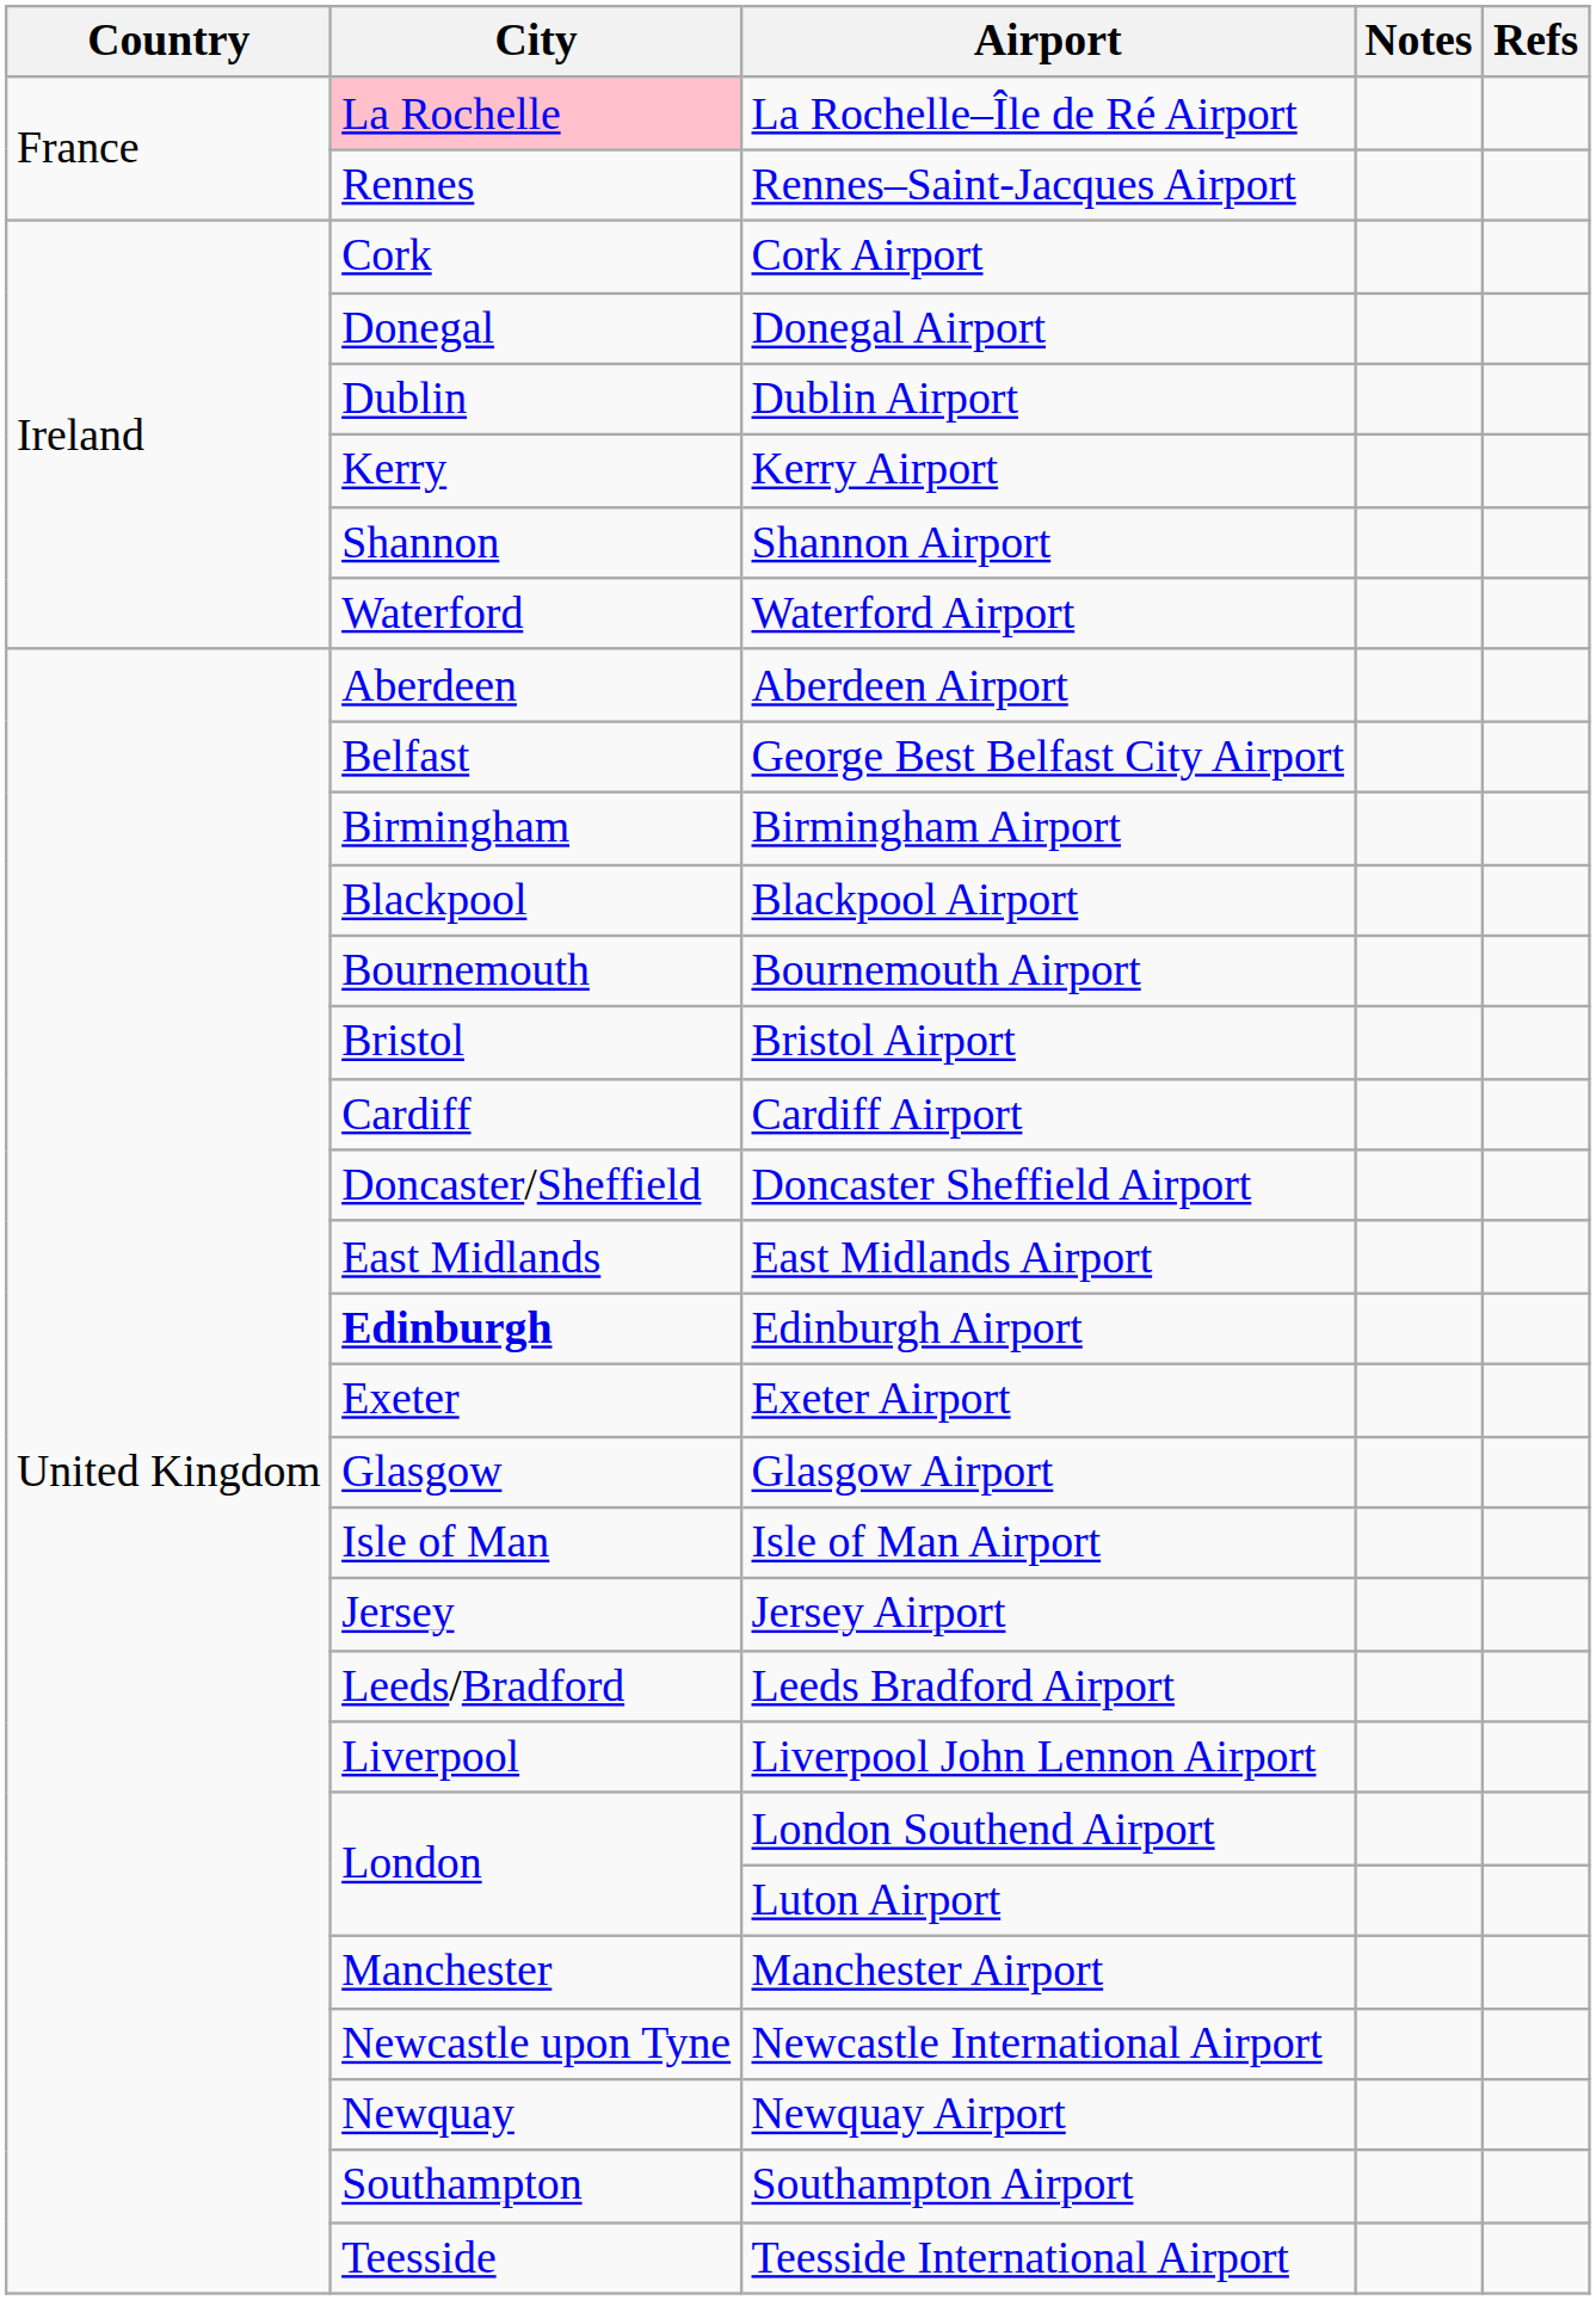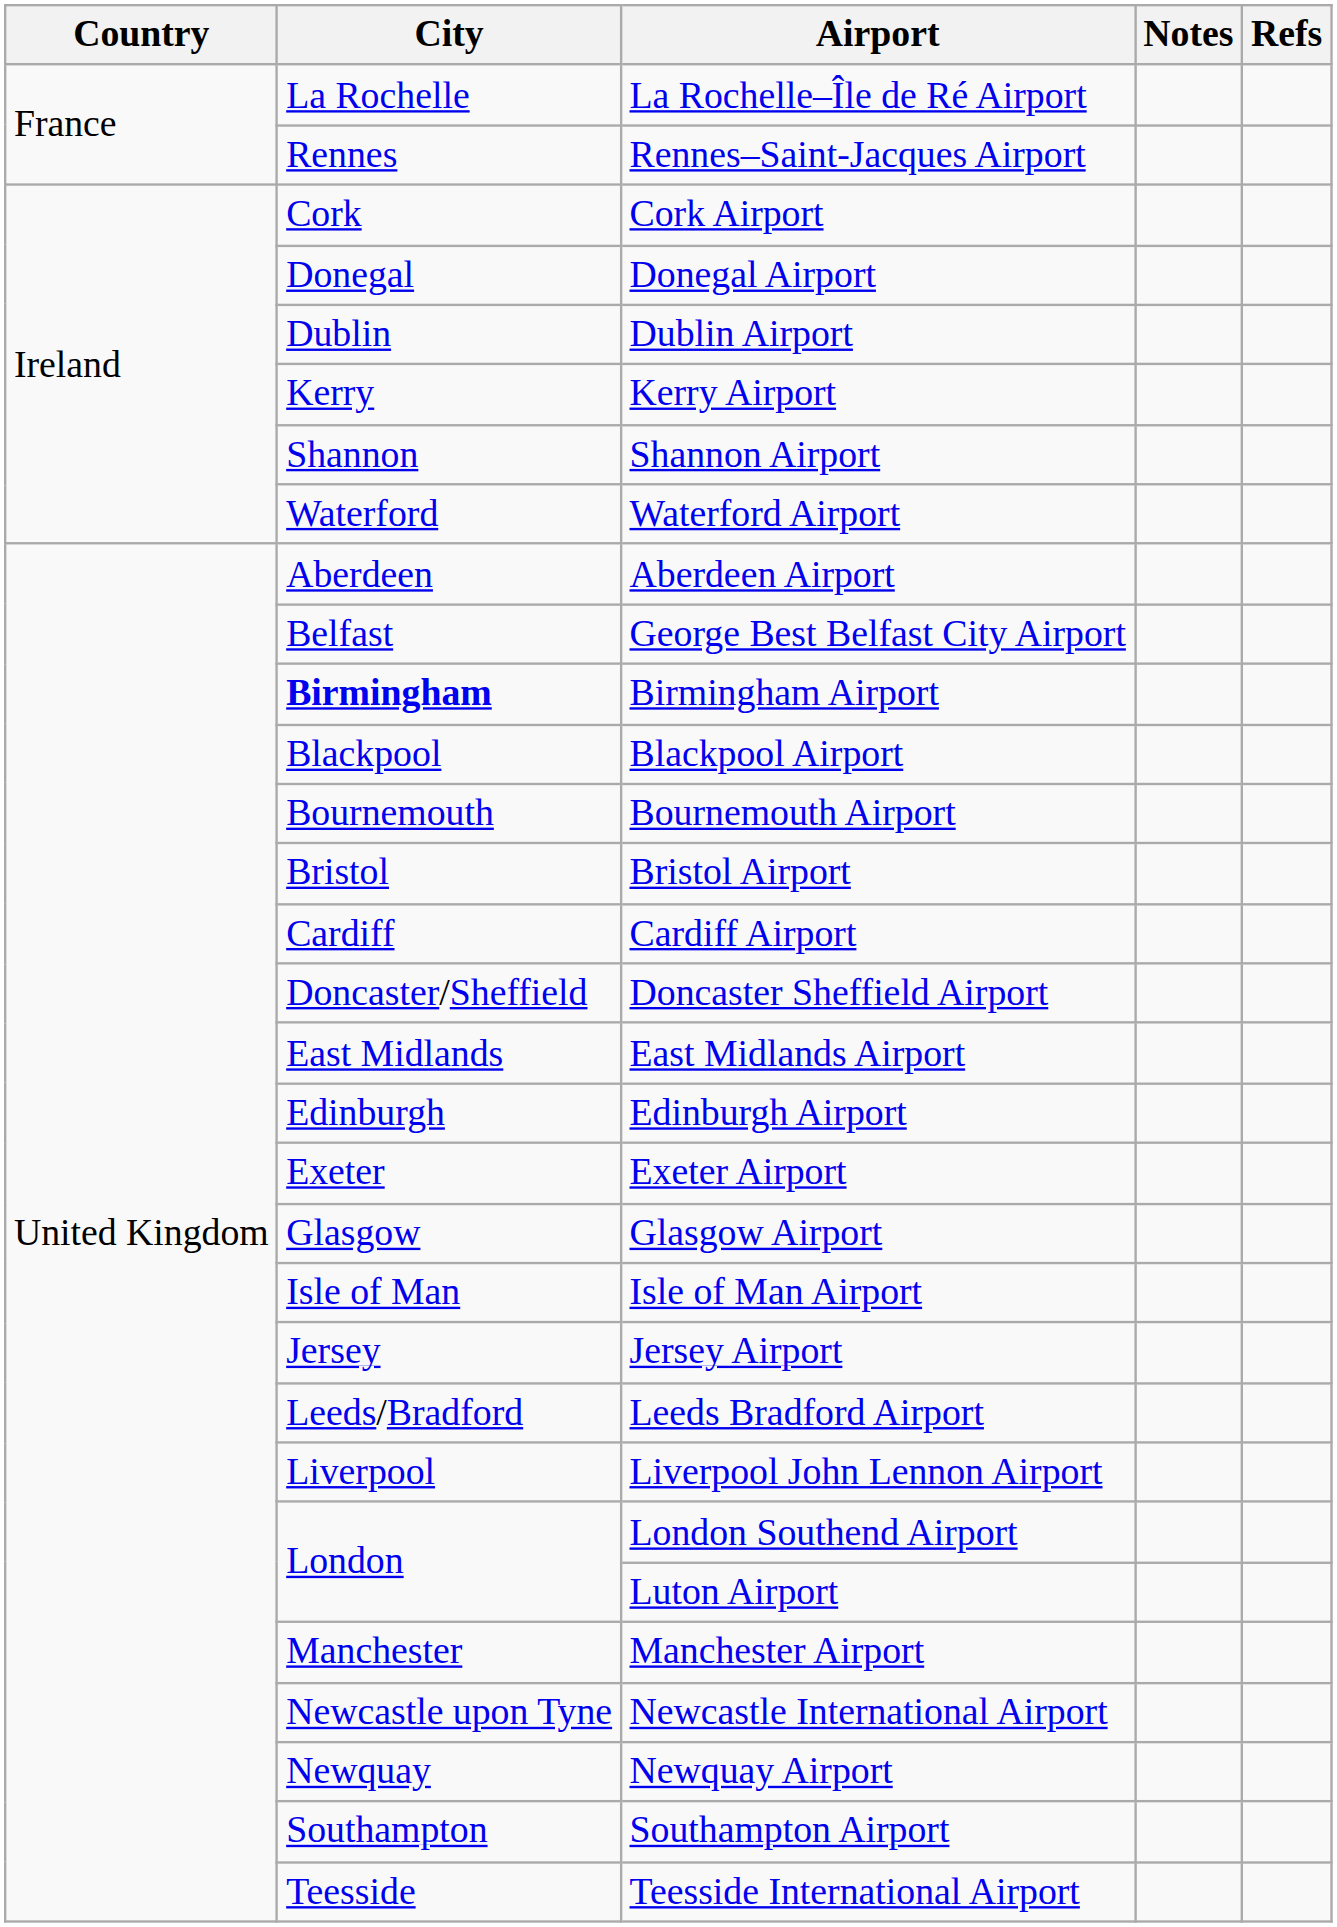 <table class="wikitable sortable">
 <tr>
 <th>Country</th>
 <th>City</th>
 <th>Airport</th>
 <th>Notes</th>
 <th class="unsortable">Refs</th>
 </tr>
 <tr>
 <td rowspan="2">France</td>
-<td style="background: pink;"><a href='#'>La Rochelle</a></td>
+<td><a href='#'>La Rochelle</a></td>
 <td><a href='#'>La Rochelle–Île de Ré Airport</a></td>
 <td></td>
 <td></td>
 </tr>
 <tr>
 <td><a href='#'>Rennes</a></td>
 <td><a href='#'>Rennes–Saint-Jacques Airport</a></td>
 <td></td>
 <td></td>
 </tr>
 <tr>
 <td rowspan="6">Ireland</td>
 <td><a href='#'>Cork</a></td>
 <td><a href='#'>Cork Airport</a></td>
 <td></td>
 <td align=center></td>
 </tr>
 <tr>
 <td><a href='#'>Donegal</a></td>
 <td><a href='#'>Donegal Airport</a></td>
 <td></td>
 <td align=center></td>
 </tr>
 <tr>
 <td><a href='#'>Dublin</a></td>
 <td><a href='#'>Dublin Airport</a></td>
 <td></td>
 <td align=center></td>
 </tr>
 <tr>
 <td><a href='#'>Kerry</a></td>
 <td><a href='#'>Kerry Airport</a></td>
 <td></td>
 <td></td>
 </tr>
 <tr>
 <td><a href='#'>Shannon</a></td>
 <td><a href='#'>Shannon Airport</a></td>
 <td></td>
 <td></td>
 </tr>
 <tr>
 <td><a href='#'>Waterford</a></td>
 <td><a href='#'>Waterford Airport</a></td>
 <td></td>
 <td></td>
 </tr>
 <tr>
 <td rowspan="24">United Kingdom</td>
 <td><a href='#'>Aberdeen</a></td>
 <td><a href='#'>Aberdeen Airport</a></td>
 <td></td>
 <td align=center></td>
 </tr>
 <tr>
 <td><a href='#'>Belfast</a></td>
 <td><a href='#'>George Best Belfast City Airport</a></td>
 <td></td>
 <td></td>
 </tr>
 <tr>
-<td><a href='#'>Birmingham</a></td>
+<td><strong><a href='#'>Birmingham</a></strong></td>
 <td><a href='#'>Birmingham Airport</a></td>
 <td></td>
 <td></td>
 </tr>
 <tr>
 <td><a href='#'>Blackpool</a></td>
 <td><a href='#'>Blackpool Airport</a></td>
 <td></td>
 <td align=center></td>
 </tr>
 <tr>
 <td><a href='#'>Bournemouth</a></td>
 <td><a href='#'>Bournemouth Airport</a></td>
 <td></td>
 <td></td>
 </tr>
 <tr>
 <td><a href='#'>Bristol</a></td>
 <td><a href='#'>Bristol Airport</a></td>
 <td></td>
 <td></td>
 </tr>
 <tr>
 <td><a href='#'>Cardiff</a></td>
 <td><a href='#'>Cardiff Airport</a></td>
 <td></td>
 <td></td>
 </tr>
 <tr>
 <td><a href='#'>Doncaster</a>/<a href='#'>Sheffield</a></td>
 <td><a href='#'>Doncaster Sheffield Airport</a></td>
 <td></td>
 <td></td>
 </tr>
 <tr>
 <td><a href='#'>East Midlands</a></td>
 <td><a href='#'>East Midlands Airport</a></td>
 <td></td>
 <td></td>
 </tr>
 <tr>
-<td><strong><a href='#'>Edinburgh</a></strong></td>
+<td><a href='#'>Edinburgh</a></td>
 <td><a href='#'>Edinburgh Airport</a></td>
 <td></td>
 <td></td>
 </tr>
 <tr>
 <td><a href='#'>Exeter</a></td>
 <td><a href='#'>Exeter Airport</a></td>
 <td></td>
 <td align=center></td>
 </tr>
 <tr>
 <td><a href='#'>Glasgow</a></td>
 <td><a href='#'>Glasgow Airport</a></td>
 <td></td>
 <td align=center></td>
 </tr>
 <tr>
 <td><a href='#'>Isle of Man</a></td>
 <td><a href='#'>Isle of Man Airport</a></td>
 <td></td>
 <td align=center></td>
 </tr>
 <tr>
 <td><a href='#'>Jersey</a></td>
 <td><a href='#'>Jersey Airport</a></td>
 <td></td>
 <td align=center></td>
 </tr>
 <tr>
 <td><a href='#'>Leeds</a>/<a href='#'>Bradford</a></td>
 <td><a href='#'>Leeds Bradford Airport</a></td>
 <td></td>
 <td align=center></td>
 </tr>
 <tr>
 <td><a href='#'>Liverpool</a></td>
 <td><a href='#'>Liverpool John Lennon Airport</a></td>
 <td></td>
 <td align=center></td>
 </tr>
 <tr>
 <td rowspan="2"><a href='#'>London</a></td>
 <td><a href='#'>London Southend Airport</a></td>
 <td></td>
 <td></td>
 </tr>
 <tr>
 <td><a href='#'>Luton Airport</a></td>
 <td></td>
 <td></td>
 </tr>
 <tr>
 <td><a href='#'>Manchester</a></td>
 <td><a href='#'>Manchester Airport</a></td>
 <td></td>
 <td></td>
 </tr>
 <tr>
 <td><a href='#'>Newcastle upon Tyne</a></td>
 <td><a href='#'>Newcastle International Airport</a></td>
 <td></td>
 <td></td>
 </tr>
 <tr>
 <td><a href='#'>Newquay</a></td>
 <td><a href='#'>Newquay Airport</a></td>
 <td></td>
 <td align=center></td>
 </tr>
 <tr>
 <td><a href='#'>Southampton</a></td>
 <td><a href='#'>Southampton Airport</a></td>
 <td></td>
 <td></td>
 </tr>
 <tr>
 <td><a href='#'>Teesside</a></td>
 <td><a href='#'>Teesside International Airport</a></td>
 <td></td>
 <td></td>
 </tr>
 </table>
